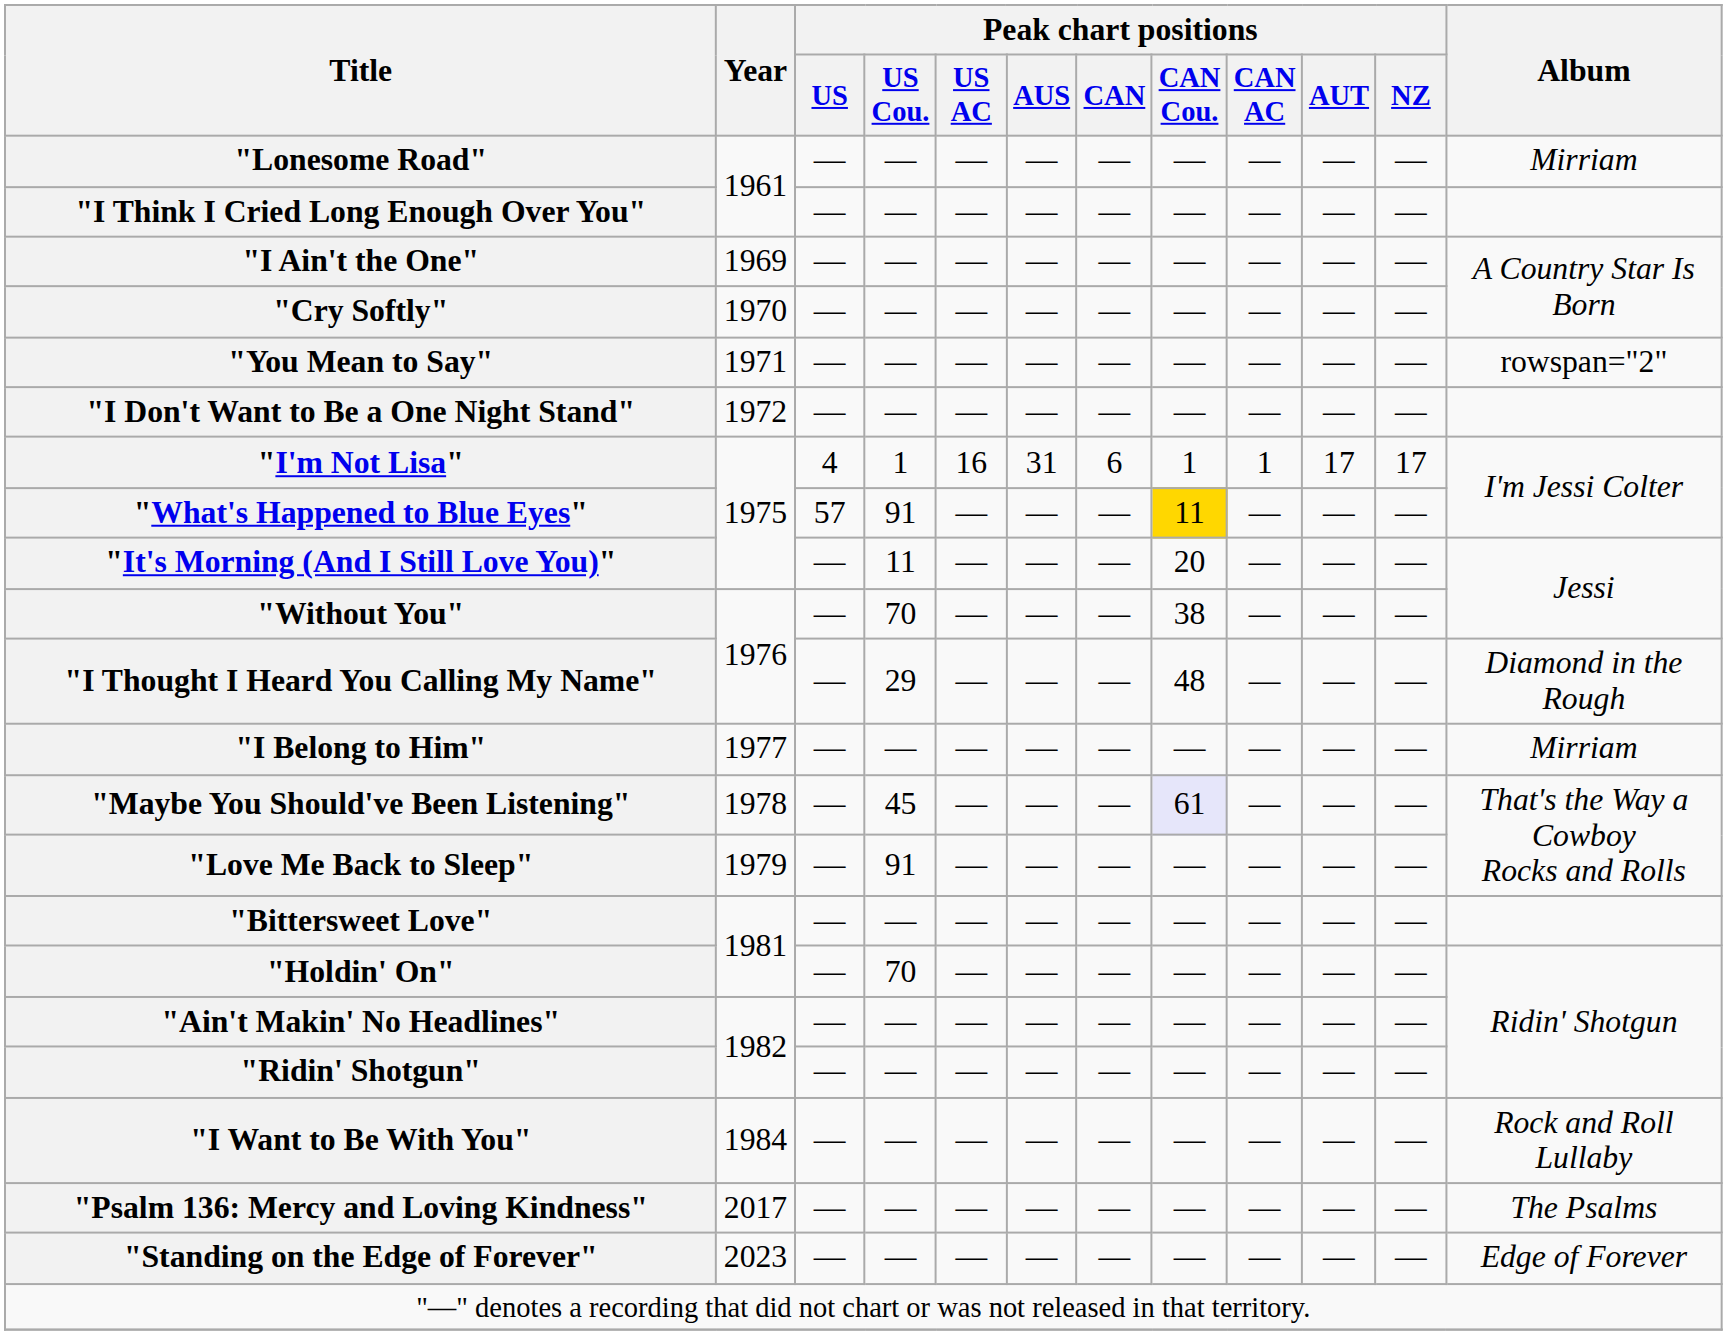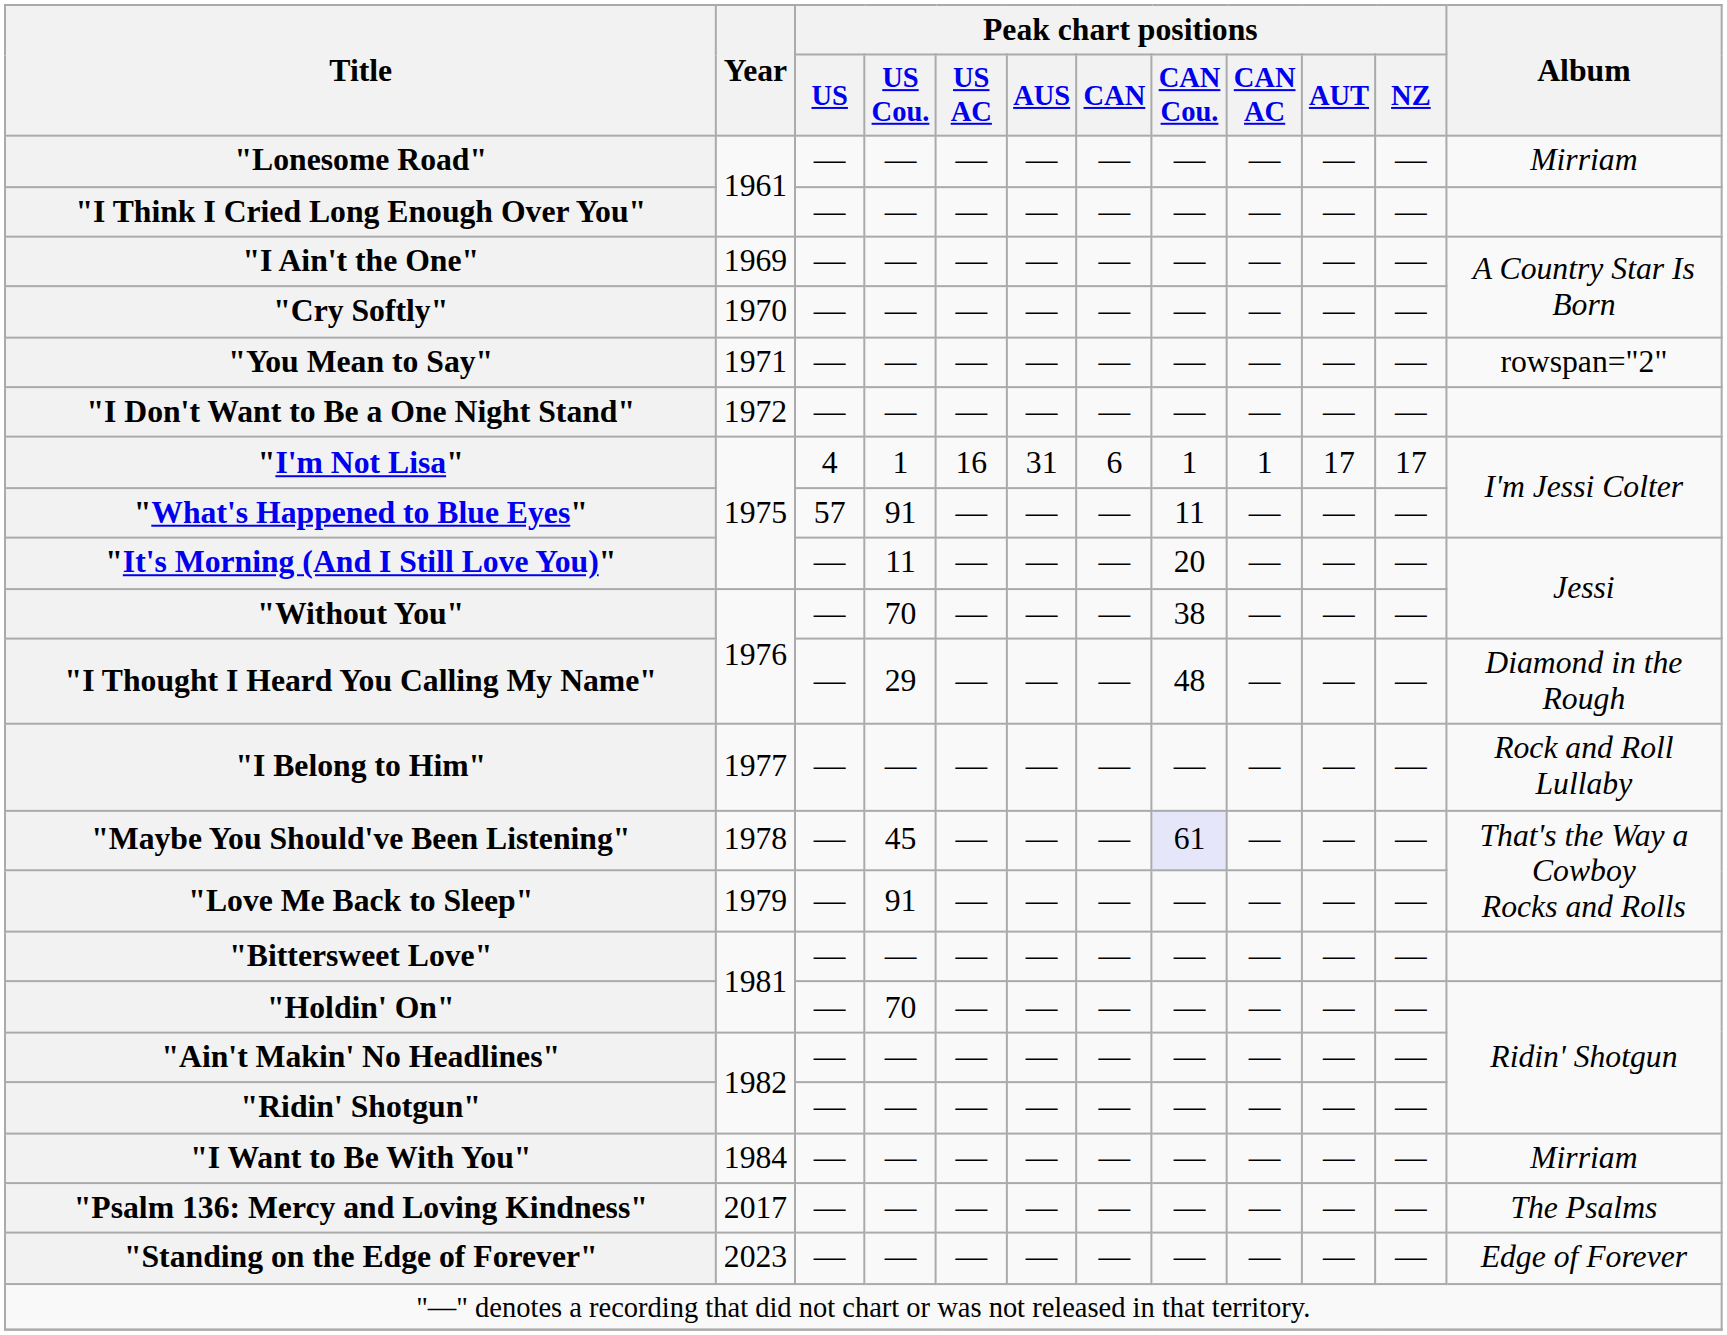 <table class="wikitable plainrowheaders" style="text-align:center;" border="1">
 <tr>
 <th scope="col" rowspan="2" style="width:22em;">Title</th>
 <th scope="col" rowspan="2">Year</th>
 <th scope="col" colspan="9">Peak chart positions</th>
 <th scope="col" rowspan="2">Album</th>
 </tr>
 <tr>
 <th scope="col" style="width:2em;font-size:90%;"><a href='#'>US</a><br></th>
 <th scope="col" style="width:2em;font-size:90%;"><a href='#'>US<br>Cou.</a><br></th>
 <th scope="col" style="width:2em;font-size:90%;"><a href='#'>US<br>AC</a><br></th>
 <th scope="col" style="width:2em;font-size:90%;"><a href='#'>AUS</a><br></th>
 <th scope="col" style="width:2em;font-size:90%;"><a href='#'>CAN</a><br></th>
 <th scope="col" style="width:2em;font-size:90%;"><a href='#'>CAN<br>Cou.</a><br></th>
 <th scope="col" style="width:2em;font-size:90%;"><a href='#'>CAN<br>AC</a><br></th>
 <th scope="col" style="width:2em;font-size:90%;"><a href='#'>AUT</a><br></th>
 <th scope="col" style="width:2em;font-size:90%;"><a href='#'>NZ</a><br></th>
 </tr>
 <tr>
 <th scope="row">"Lonesome Road"</th>
 <td rowspan="2">1961</td>
 <td>—</td>
 <td>—</td>
 <td>—</td>
 <td>—</td>
 <td>—</td>
 <td>—</td>
 <td>—</td>
 <td>—</td>
 <td>—</td>
 <td><em>Mirriam</em></td>
 </tr>
 <tr>
 <th scope="row">"I Think I Cried Long Enough Over You"</th>
 <td>—</td>
 <td>—</td>
 <td>—</td>
 <td>—</td>
 <td>—</td>
 <td>—</td>
 <td>—</td>
 <td>—</td>
 <td>—</td>
 </tr>
 <tr>
 <th scope="row">"I Ain't the One" </th>
 <td>1969</td>
 <td>—</td>
 <td>—</td>
 <td>—</td>
 <td>—</td>
 <td>—</td>
 <td>—</td>
 <td>—</td>
 <td>—</td>
 <td>—</td>
 <td rowspan="2"><em>A Country Star Is Born</em></td>
 </tr>
 <tr>
 <th scope="row">"Cry Softly"</th>
 <td>1970</td>
 <td>—</td>
 <td>—</td>
 <td>—</td>
 <td>—</td>
 <td>—</td>
 <td>—</td>
 <td>—</td>
 <td>—</td>
 <td>—</td>
 </tr>
 <tr>
 <th scope="row">"You Mean to Say"</th>
 <td>1971</td>
 <td>—</td>
 <td>—</td>
 <td>—</td>
 <td>—</td>
 <td>—</td>
 <td>—</td>
 <td>—</td>
 <td>—</td>
 <td>—</td>
 <td>rowspan="2" </td>
 </tr>
 <tr>
 <th scope="row">"I Don't Want to Be a One Night Stand"</th>
 <td>1972</td>
 <td>—</td>
 <td>—</td>
 <td>—</td>
 <td>—</td>
 <td>—</td>
 <td>—</td>
 <td>—</td>
 <td>—</td>
 <td>—</td>
 </tr>
 <tr>
 <th scope="row">"<a href='#'>I'm Not Lisa</a>"</th>
 <td rowspan="3">1975</td>
 <td>4</td>
 <td>1</td>
 <td>16</td>
 <td>31</td>
 <td>6</td>
 <td>1</td>
 <td>1</td>
 <td>17</td>
 <td>17</td>
 <td rowspan="2"><em>I'm Jessi Colter</em></td>
 </tr>
 <tr>
 <th scope="row">"<a href='#'>What's Happened to Blue Eyes</a>"</th>
 <td>57</td>
 <td>91</td>
 <td>—</td>
 <td>—</td>
 <td>—</td>
-<td style="background: gold;">11</td>
+<td>11</td>
 <td>—</td>
 <td>—</td>
 <td>—</td>
 </tr>
 <tr>
 <th scope="row">"<a href='#'>It's Morning (And I Still Love You)</a>"</th>
 <td>—</td>
 <td>11</td>
 <td>—</td>
 <td>—</td>
 <td>—</td>
 <td>20</td>
 <td>—</td>
 <td>—</td>
 <td>—</td>
 <td rowspan="2"><em>Jessi</em></td>
 </tr>
 <tr>
 <th scope="row">"Without You"</th>
 <td rowspan="2">1976</td>
 <td>—</td>
 <td>70</td>
 <td>—</td>
 <td>—</td>
 <td>—</td>
 <td>38</td>
 <td>—</td>
 <td>—</td>
 <td>—</td>
 </tr>
 <tr>
 <th scope="row">"I Thought I Heard You Calling My Name"</th>
 <td>—</td>
 <td>29</td>
 <td>—</td>
 <td>—</td>
 <td>—</td>
 <td>48</td>
 <td>—</td>
 <td>—</td>
 <td>—</td>
 <td><em>Diamond in the Rough</em></td>
 </tr>
 <tr>
 <th scope="row">"I Belong to Him"</th>
 <td>1977</td>
 <td>—</td>
 <td>—</td>
 <td>—</td>
 <td>—</td>
 <td>—</td>
 <td>—</td>
 <td>—</td>
 <td>—</td>
 <td>—</td>
-<td><em>Mirriam</em></td>
+<td><em>Rock and Roll Lullaby</em></td>
 </tr>
 <tr>
 <th scope="row">"Maybe You Should've Been Listening"</th>
 <td>1978</td>
 <td>—</td>
 <td>45</td>
 <td>—</td>
 <td>—</td>
 <td>—</td>
 <td style="background: lavender;">61</td>
 <td>—</td>
 <td>—</td>
 <td>—</td>
 <td rowspan="2"><em>That's the Way a Cowboy<br>Rocks and Rolls</em></td>
 </tr>
 <tr>
 <th scope="row">"Love Me Back to Sleep"</th>
 <td>1979</td>
 <td>—</td>
 <td>91</td>
 <td>—</td>
 <td>—</td>
 <td>—</td>
 <td>—</td>
 <td>—</td>
 <td>—</td>
 <td>—</td>
 </tr>
 <tr>
 <th scope="row">"Bittersweet Love"</th>
 <td rowspan="2">1981</td>
 <td>—</td>
 <td>—</td>
 <td>—</td>
 <td>—</td>
 <td>—</td>
 <td>—</td>
 <td>—</td>
 <td>—</td>
 <td>—</td>
 <td></td>
 </tr>
 <tr>
 <th scope="row">"Holdin' On"</th>
 <td>—</td>
 <td>70</td>
 <td>—</td>
 <td>—</td>
 <td>—</td>
 <td>—</td>
 <td>—</td>
 <td>—</td>
 <td>—</td>
 <td rowspan="3"><em>Ridin' Shotgun</em></td>
 </tr>
 <tr>
 <th scope="row">"Ain't Makin' No Headlines"</th>
 <td rowspan="2">1982</td>
 <td>—</td>
 <td>—</td>
 <td>—</td>
 <td>—</td>
 <td>—</td>
 <td>—</td>
 <td>—</td>
 <td>—</td>
 <td>—</td>
 </tr>
 <tr>
 <th scope="row">"Ridin' Shotgun"</th>
 <td>—</td>
 <td>—</td>
 <td>—</td>
 <td>—</td>
 <td>—</td>
 <td>—</td>
 <td>—</td>
 <td>—</td>
 <td>—</td>
 </tr>
 <tr>
 <th scope="row">"I Want to Be With You"</th>
 <td>1984</td>
 <td>—</td>
 <td>—</td>
 <td>—</td>
 <td>—</td>
 <td>—</td>
 <td>—</td>
 <td>—</td>
 <td>—</td>
 <td>—</td>
-<td><em>Rock and Roll Lullaby</em></td>
+<td><em>Mirriam</em></td>
 </tr>
 <tr>
 <th scope="row">"Psalm 136: Mercy and Loving Kindness"</th>
 <td>2017</td>
 <td>—</td>
 <td>—</td>
 <td>—</td>
 <td>—</td>
 <td>—</td>
 <td>—</td>
 <td>—</td>
 <td>—</td>
 <td>—</td>
 <td><em>The Psalms</em></td>
 </tr>
 <tr>
 <th scope="row">"Standing on the Edge of Forever"</th>
 <td>2023</td>
 <td>—</td>
 <td>—</td>
 <td>—</td>
 <td>—</td>
 <td>—</td>
 <td>—</td>
 <td>—</td>
 <td>—</td>
 <td>—</td>
 <td><em>Edge of Forever</em></td>
 </tr>
 <tr>
 <td colspan="12" style="font-size:90%">"—" denotes a recording that did not chart or was not released in that territory.</td>
 </tr>
 <tr>
 </tr>
 </table>
